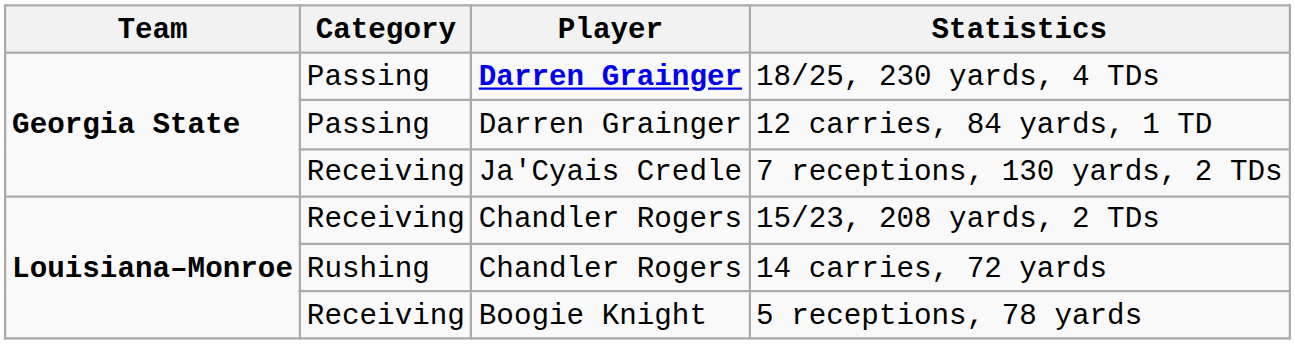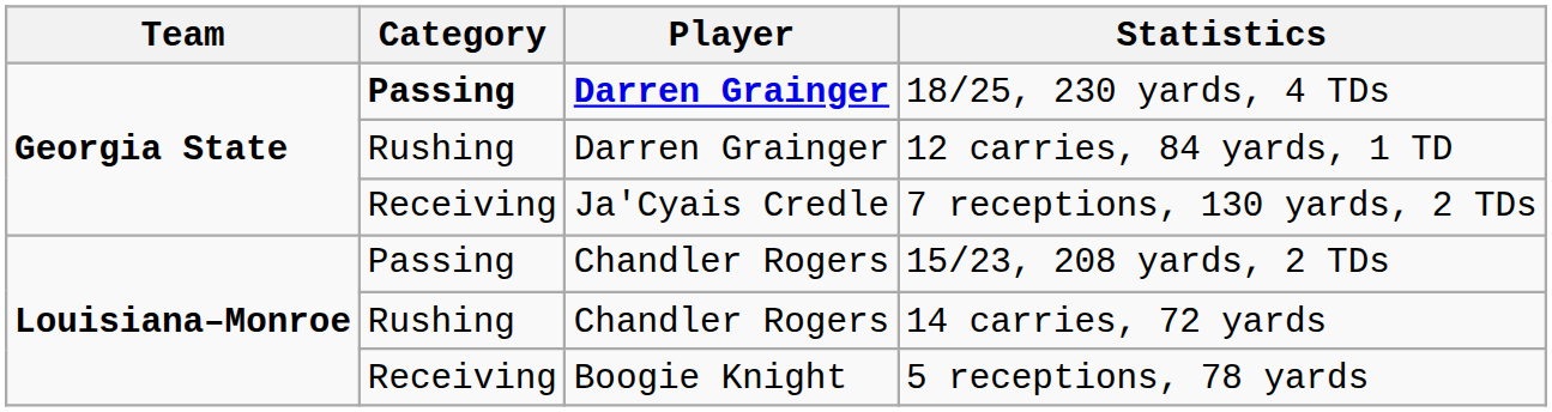 <table class="wikitable" style="float: left;">
 <tr>
 <th>Team</th>
 <th>Category</th>
 <th>Player</th>
 <th>Statistics</th>
 </tr>
 <tr>
 <td rowspan=3><strong>Georgia State</strong></td>
-<td>Passing</td>
+<td><strong>Passing</strong></td>
 <td><strong><a href='#'>Darren Grainger</a></strong></td>
 <td>18/25, 230 yards, 4 TDs</td>
 </tr>
 <tr>
-<td>Passing</td>
+<td>Rushing</td>
 <td>Darren Grainger</td>
 <td>12 carries, 84 yards, 1 TD</td>
 </tr>
 <tr>
 <td>Receiving</td>
 <td>Ja'Cyais Credle</td>
 <td>7 receptions, 130 yards, 2 TDs</td>
 </tr>
 <tr>
 <td rowspan=3><strong>Louisiana–Monroe</strong></td>
-<td>Receiving</td>
+<td>Passing</td>
 <td>Chandler Rogers</td>
 <td>15/23, 208 yards, 2 TDs</td>
 </tr>
 <tr>
 <td>Rushing</td>
 <td>Chandler Rogers</td>
 <td>14 carries, 72 yards</td>
 </tr>
 <tr>
 <td>Receiving</td>
 <td>Boogie Knight</td>
 <td>5 receptions, 78 yards</td>
 </tr>
 </table>
